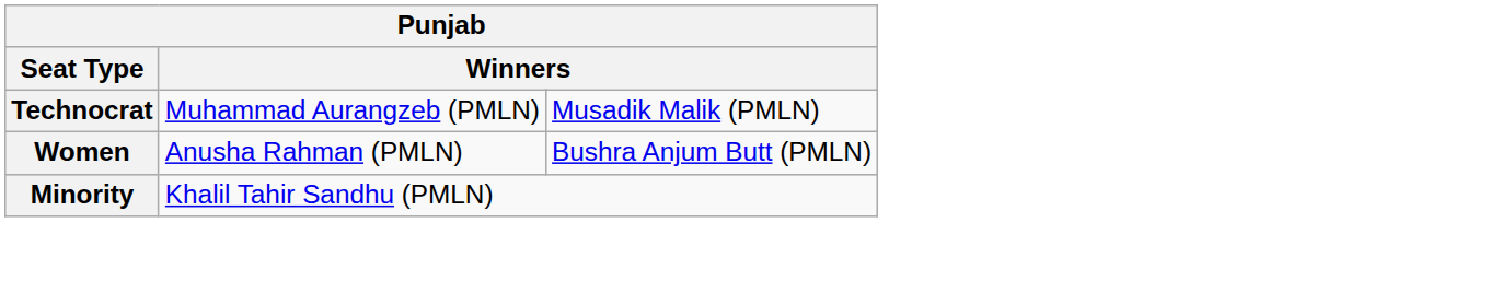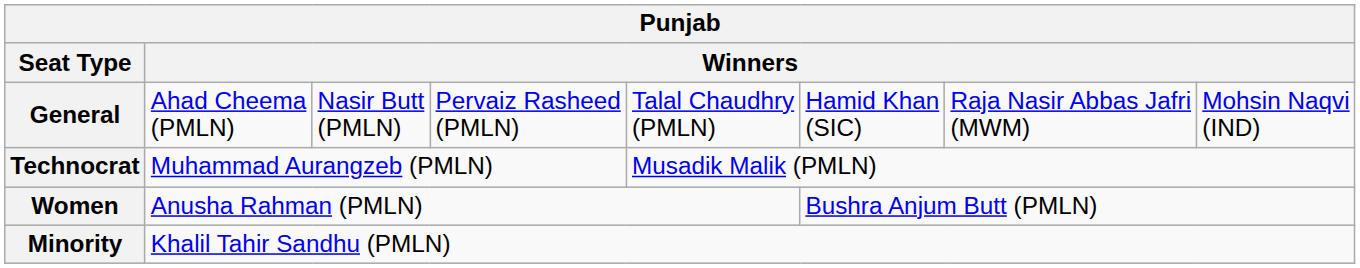 <table class="wikitable">
 <tr>
 <th colspan="8">Punjab</th>
 </tr>
 <tr>
 <th>Seat Type</th>
 <th colspan="7">Winners</th>
+</tr>
+<tr>
+<th>General</th>
+<td style="background:"><a href='#'>Ahad Cheema</a><br>(PMLN)</td>
+<td style="background:"><a href='#'>Nasir Butt</a><br>(PMLN)</td>
+<td style="background:"><a href='#'>Pervaiz Rasheed</a><br>(PMLN)</td>
+<td style="background:"><a href='#'>Talal Chaudhry</a><br>(PMLN)</td>
+<td style="background:"><a href='#'>Hamid Khan</a><br>(SIC)</td>
+<td style="background:"><a href='#'>Raja Nasir Abbas Jafri</a><br>(MWM)</td>
+<td style="background:"><a href='#'>Mohsin Naqvi</a><br>(IND)</td>
 </tr>
 <tr>
 <th>Technocrat</th>
 <td colspan="3" style="background:"><a href='#'>Muhammad Aurangzeb</a> (PMLN)</td>
 <td colspan="4" style="background:"><a href='#'>Musadik Malik</a> (PMLN)</td>
 </tr>
 <tr>
 <th>Women</th>
 <td colspan="4" style="background:"><a href='#'>Anusha Rahman</a> (PMLN)</td>
 <td colspan="3" style="background:"><a href='#'>Bushra Anjum Butt</a> (PMLN)</td>
 </tr>
 <tr>
 <th>Minority</th>
 <td colspan="7" style="background:"><a href='#'>Khalil Tahir Sandhu</a> (PMLN)</td>
 </tr>
 </table>
